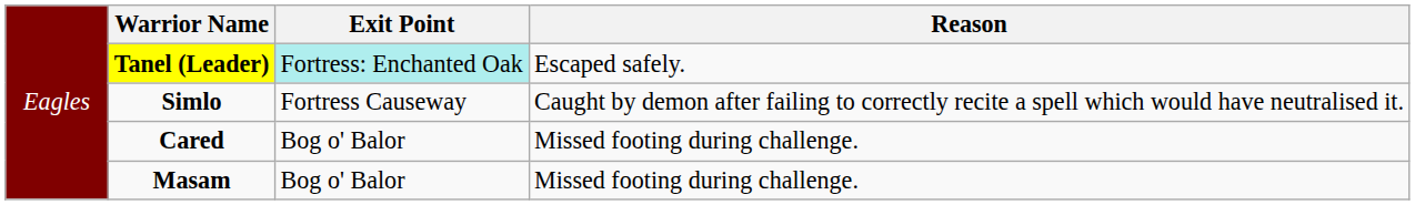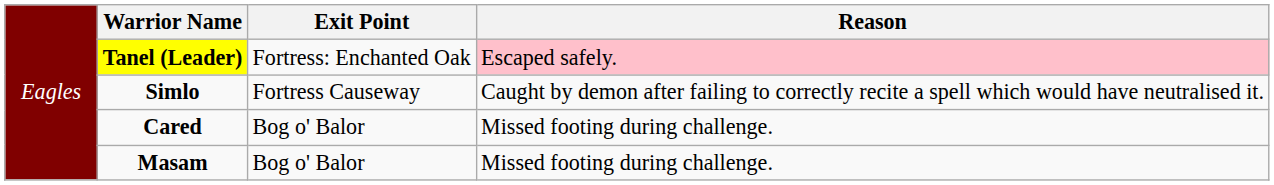 <table class="wikitable">
 <tr>
 <td rowspan="5" bgcolor="maroon" style="color:white" width="60" align="center"><em>Eagles</em></td>
 <th>Warrior Name</th>
 <th>Exit Point</th>
 <th>Reason</th>
 </tr>
 <tr>
 <td bgcolor="yellow" align="center"><strong>Tanel (Leader)</strong></td>
-<td style="background: paleturquoise;">Fortress: Enchanted Oak</td>
-<td>Escaped safely.</td>
+<td>Fortress: Enchanted Oak</td>
+<td style="background: pink;">Escaped safely.</td>
 </tr>
 <tr>
 <td align="center"><strong>Simlo</strong></td>
 <td>Fortress Causeway</td>
 <td>Caught by demon after failing to correctly recite a spell which would have neutralised it.</td>
 </tr>
 <tr>
 <td align="center"><strong>Cared</strong></td>
 <td>Bog o' Balor</td>
 <td>Missed footing during challenge.</td>
 </tr>
 <tr>
 <td align="center"><strong>Masam</strong></td>
 <td>Bog o' Balor</td>
 <td>Missed footing during challenge.</td>
 </tr>
 </table>
